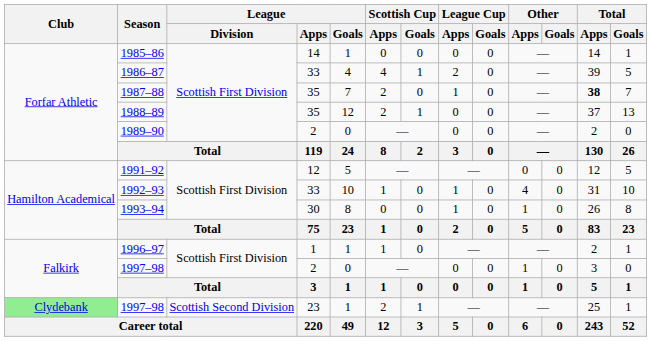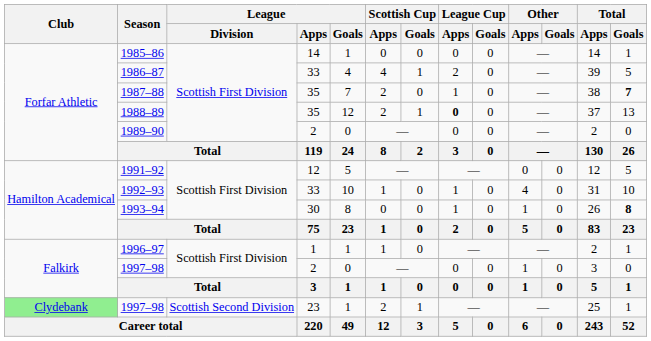 <table class="wikitable" style="text-align: center">
 <tr>
 <th rowspan="2">Club</th>
 <th rowspan="2">Season</th>
 <th colspan="3">League</th>
 <th colspan="2">Scottish Cup</th>
 <th colspan="2">League Cup</th>
 <th colspan="2">Other</th>
 <th colspan="2">Total</th>
 </tr>
 <tr>
 <th>Division</th>
 <th>Apps</th>
 <th>Goals</th>
 <th>Apps</th>
 <th>Goals</th>
 <th>Apps</th>
 <th>Goals</th>
 <th>Apps</th>
 <th>Goals</th>
 <th>Apps</th>
 <th>Goals</th>
 </tr>
 <tr>
 <td rowspan="6"><a href='#'>Forfar Athletic</a></td>
 <td><a href='#'>1985–86</a></td>
 <td rowspan="5"><a href='#'>Scottish First Division</a></td>
 <td>14</td>
 <td>1</td>
 <td>0</td>
 <td>0</td>
 <td>0</td>
 <td>0</td>
 <td colspan="2">—</td>
 <td>14</td>
 <td>1</td>
 </tr>
 <tr>
 <td><a href='#'>1986–87</a></td>
 <td>33</td>
 <td>4</td>
 <td>4</td>
 <td>1</td>
 <td>2</td>
 <td>0</td>
 <td colspan="2">—</td>
 <td>39</td>
 <td>5</td>
 </tr>
 <tr>
 <td><a href='#'>1987–88</a></td>
 <td>35</td>
 <td>7</td>
 <td>2</td>
 <td>0</td>
 <td>1</td>
 <td>0</td>
 <td colspan="2">—</td>
-<td><strong>38</strong></td>
-<td>7</td>
+<td>38</td>
+<td><strong>7</strong></td>
 </tr>
 <tr>
 <td><a href='#'>1988–89</a></td>
 <td>35</td>
 <td>12</td>
 <td>2</td>
 <td>1</td>
-<td>0</td>
+<td><strong>0</strong></td>
 <td>0</td>
 <td colspan="2">—</td>
 <td>37</td>
 <td>13</td>
 </tr>
 <tr>
 <td><a href='#'>1989–90</a></td>
 <td>2</td>
 <td>0</td>
 <td colspan="2">—</td>
 <td>0</td>
 <td>0</td>
 <td colspan="2">—</td>
 <td>2</td>
 <td>0</td>
 </tr>
 <tr>
 <th colspan="2">Total</th>
 <th>119</th>
 <th>24</th>
 <th>8</th>
 <th>2</th>
 <th>3</th>
 <th>0</th>
 <th colspan="2">—</th>
 <th>130</th>
 <th>26</th>
 </tr>
 <tr>
 <td rowspan="4"><a href='#'>Hamilton Academical</a></td>
 <td><a href='#'>1991–92</a></td>
 <td rowspan="3">Scottish First Division</td>
 <td>12</td>
 <td>5</td>
 <td colspan="2">—</td>
 <td colspan="2">—</td>
 <td>0</td>
 <td>0</td>
 <td>12</td>
 <td>5</td>
 </tr>
 <tr>
 <td><a href='#'>1992–93</a></td>
 <td>33</td>
 <td>10</td>
 <td>1</td>
 <td>0</td>
 <td>1</td>
 <td>0</td>
 <td>4</td>
 <td>0</td>
 <td>31</td>
 <td>10</td>
 </tr>
 <tr>
 <td><a href='#'>1993–94</a></td>
 <td>30</td>
 <td>8</td>
 <td>0</td>
 <td>0</td>
 <td>1</td>
 <td>0</td>
 <td>1</td>
 <td>0</td>
 <td>26</td>
-<td>8</td>
+<td><strong>8</strong></td>
 </tr>
 <tr>
 <th colspan="2">Total</th>
 <th>75</th>
 <th>23</th>
 <th>1</th>
 <th>0</th>
 <th>2</th>
 <th>0</th>
 <th>5</th>
 <th>0</th>
 <th>83</th>
 <th>23</th>
 </tr>
 <tr>
 <td rowspan="3"><a href='#'>Falkirk</a></td>
 <td><a href='#'>1996–97</a></td>
 <td rowspan="2">Scottish First Division</td>
 <td>1</td>
 <td>1</td>
 <td>1</td>
 <td>0</td>
 <td colspan="2">—</td>
 <td colspan="2">—</td>
 <td>2</td>
 <td>1</td>
 </tr>
 <tr>
 <td><a href='#'>1997–98</a></td>
 <td>2</td>
 <td>0</td>
 <td colspan="2">—</td>
 <td>0</td>
 <td>0</td>
 <td>1</td>
 <td>0</td>
 <td>3</td>
 <td>0</td>
 </tr>
 <tr>
 <th colspan="2">Total</th>
 <th>3</th>
 <th>1</th>
 <th>1</th>
 <th>0</th>
 <th>0</th>
 <th>0</th>
 <th>1</th>
 <th>0</th>
 <th>5</th>
 <th>1</th>
 </tr>
 <tr>
 <td style="background: lightgreen;"><a href='#'>Clydebank</a></td>
 <td><a href='#'>1997–98</a></td>
 <td><a href='#'>Scottish Second Division</a></td>
 <td>23</td>
 <td>1</td>
 <td>2</td>
 <td>1</td>
 <td colspan="2">—</td>
 <td colspan="2">—</td>
 <td>25</td>
 <td>1</td>
 </tr>
 <tr>
 <th colspan="3">Career total</th>
 <th>220</th>
 <th>49</th>
 <th>12</th>
 <th>3</th>
 <th>5</th>
 <th>0</th>
 <th>6</th>
 <th>0</th>
 <th>243</th>
 <th>52</th>
 </tr>
 </table>
